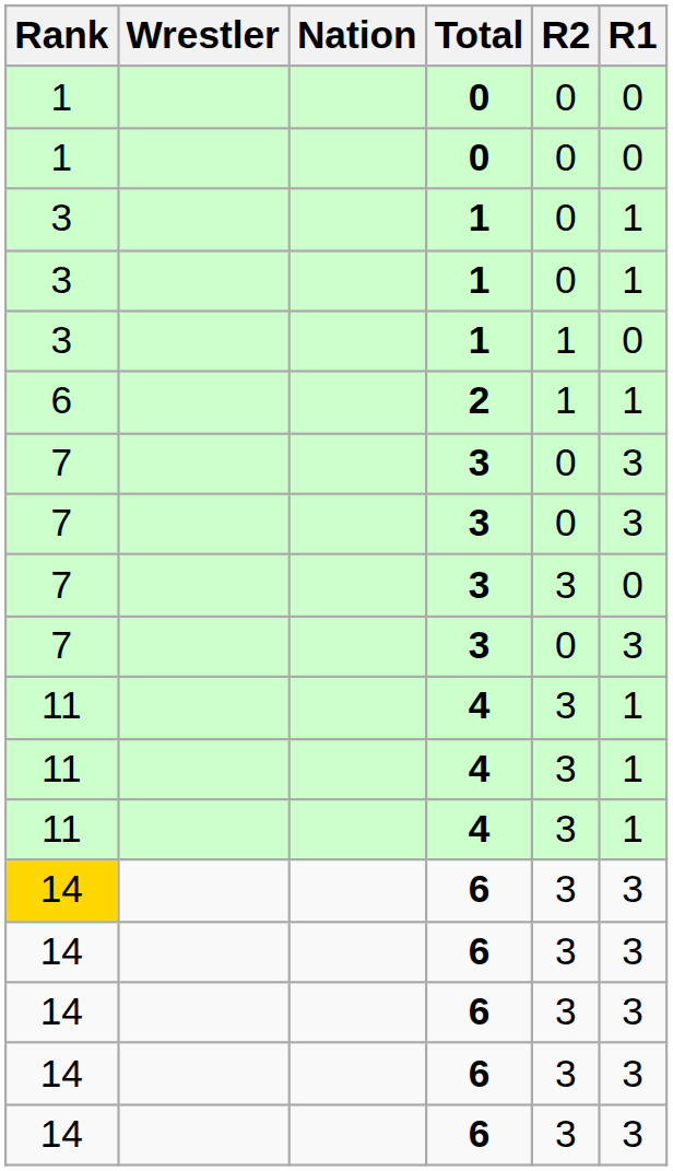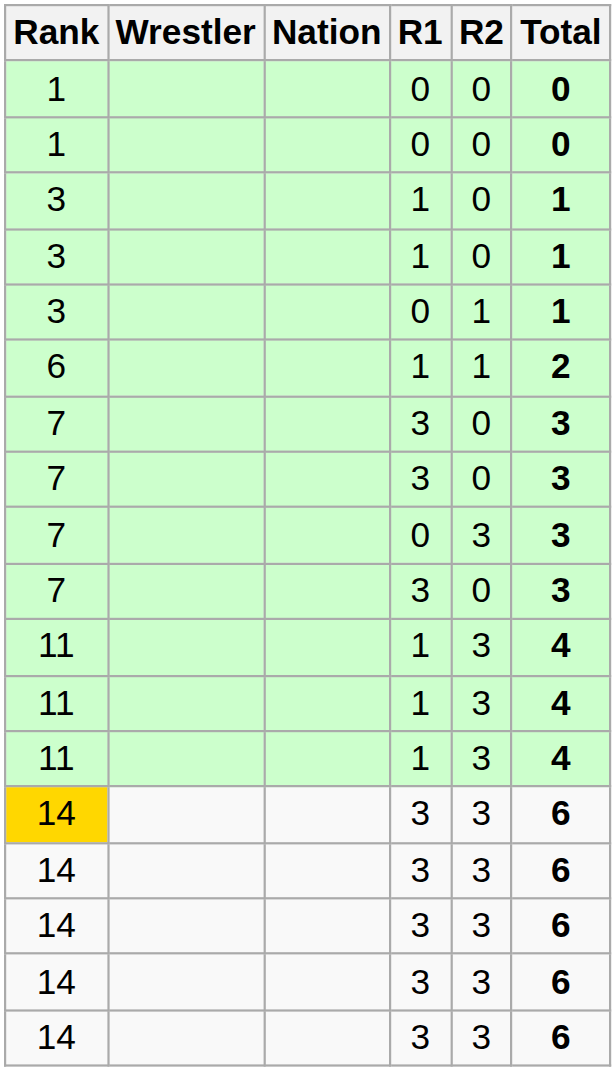 <table class="wikitable sortable" style="text-align:center;">
 <tr>
 <th>Rank</th>
 <th>Wrestler</th>
 <th>Nation</th>
+<th>R1</th>
+<th>R2</th>
 <th>Total</th>
-<th>R2</th>
-<th>R1</th>
 </tr>
 <tr style="background:#cfc;">
 <td>1</td>
 <td align=left></td>
 <td align=left></td>
-<td><strong>0</strong></td>
 <td>0</td>
 <td>0</td>
+<td><strong>0</strong></td>
 </tr>
 <tr style="background:#cfc;">
 <td>1</td>
 <td align=left></td>
 <td align=left></td>
-<td><strong>0</strong></td>
 <td>0</td>
 <td>0</td>
+<td><strong>0</strong></td>
 </tr>
 <tr style="background:#cfc;">
 <td>3</td>
 <td align=left></td>
 <td align=left></td>
+<td>1</td>
+<td>0</td>
 <td><strong>1</strong></td>
-<td>0</td>
-<td>1</td>
 </tr>
 <tr style="background:#cfc;">
 <td>3</td>
 <td align=left></td>
 <td align=left></td>
+<td>1</td>
+<td>0</td>
 <td><strong>1</strong></td>
-<td>0</td>
-<td>1</td>
 </tr>
 <tr style="background:#cfc;">
 <td>3</td>
 <td align=left></td>
 <td align=left></td>
+<td>0</td>
+<td>1</td>
 <td><strong>1</strong></td>
-<td>1</td>
-<td>0</td>
 </tr>
 <tr style="background:#cfc;">
 <td>6</td>
 <td align=left></td>
 <td align=left></td>
-<td><strong>2</strong></td>
 <td>1</td>
 <td>1</td>
+<td><strong>2</strong></td>
 </tr>
 <tr style="background:#cfc;">
 <td>7</td>
 <td align=left></td>
 <td align=left></td>
+<td>3</td>
+<td>0</td>
 <td><strong>3</strong></td>
-<td>0</td>
-<td>3</td>
 </tr>
 <tr style="background:#cfc;">
 <td>7</td>
 <td align=left></td>
 <td align=left></td>
+<td>3</td>
+<td>0</td>
 <td><strong>3</strong></td>
-<td>0</td>
-<td>3</td>
 </tr>
 <tr style="background:#cfc;">
 <td>7</td>
 <td align=left></td>
 <td align=left></td>
+<td>0</td>
+<td>3</td>
 <td><strong>3</strong></td>
-<td>3</td>
-<td>0</td>
 </tr>
 <tr style="background:#cfc;">
 <td>7</td>
 <td align=left></td>
 <td align=left></td>
+<td>3</td>
+<td>0</td>
 <td><strong>3</strong></td>
-<td>0</td>
-<td>3</td>
 </tr>
 <tr style="background:#cfc;">
 <td>11</td>
 <td align=left></td>
 <td align=left></td>
+<td>1</td>
+<td>3</td>
 <td><strong>4</strong></td>
-<td>3</td>
-<td>1</td>
 </tr>
 <tr style="background:#cfc;">
 <td>11</td>
 <td align=left></td>
 <td align=left></td>
+<td>1</td>
+<td>3</td>
 <td><strong>4</strong></td>
-<td>3</td>
-<td>1</td>
 </tr>
 <tr style="background:#cfc;">
 <td>11</td>
 <td align=left></td>
 <td align=left></td>
+<td>1</td>
+<td>3</td>
 <td><strong>4</strong></td>
-<td>3</td>
-<td>1</td>
 </tr>
 <tr>
 <td style="background: gold;">14</td>
 <td align=left></td>
 <td align=left></td>
-<td><strong>6</strong></td>
 <td>3</td>
 <td>3</td>
+<td><strong>6</strong></td>
 </tr>
 <tr>
 <td>14</td>
 <td align=left></td>
 <td align=left></td>
-<td><strong>6</strong></td>
 <td>3</td>
 <td>3</td>
+<td><strong>6</strong></td>
 </tr>
 <tr>
 <td>14</td>
 <td align=left></td>
 <td align=left></td>
-<td><strong>6</strong></td>
 <td>3</td>
 <td>3</td>
+<td><strong>6</strong></td>
 </tr>
 <tr>
 <td>14</td>
 <td align=left></td>
 <td align=left></td>
-<td><strong>6</strong></td>
 <td>3</td>
 <td>3</td>
+<td><strong>6</strong></td>
 </tr>
 <tr>
 <td>14</td>
 <td align=left></td>
 <td align=left></td>
-<td><strong>6</strong></td>
 <td>3</td>
 <td>3</td>
+<td><strong>6</strong></td>
 </tr>
 </table>
